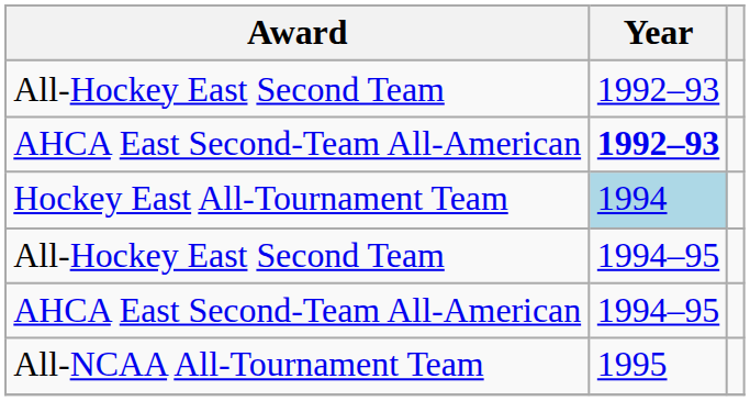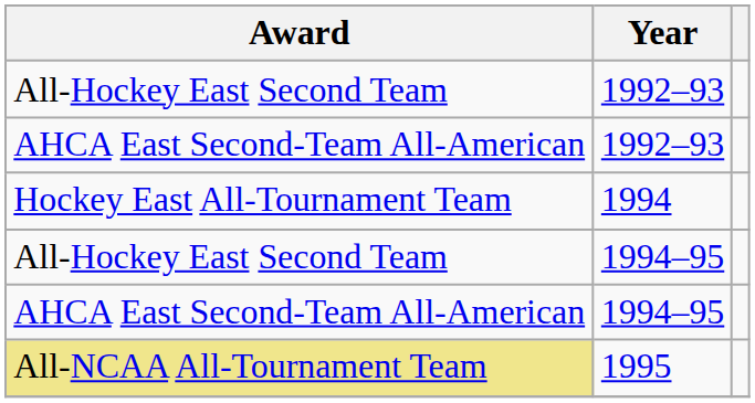 <table class="wikitable">
 <tr>
 <th>Award</th>
 <th>Year</th>
 <th></th>
 </tr>
 <tr>
 <td>All-<a href='#'>Hockey East</a> <a href='#'>Second Team</a></td>
 <td><a href='#'>1992–93</a></td>
 <td></td>
 </tr>
 <tr>
 <td><a href='#'>AHCA</a> <a href='#'>East Second-Team All-American</a></td>
-<td><strong><a href='#'>1992–93</a></strong></td>
+<td><a href='#'>1992–93</a></td>
 <td></td>
 </tr>
 <tr>
 <td><a href='#'>Hockey East</a> <a href='#'>All-Tournament Team</a></td>
-<td style="background: lightblue;"><a href='#'>1994</a></td>
+<td><a href='#'>1994</a></td>
 <td></td>
 </tr>
 <tr>
 <td>All-<a href='#'>Hockey East</a> <a href='#'>Second Team</a></td>
 <td><a href='#'>1994–95</a></td>
 <td></td>
 </tr>
 <tr>
 <td><a href='#'>AHCA</a> <a href='#'>East Second-Team All-American</a></td>
 <td><a href='#'>1994–95</a></td>
 <td></td>
 </tr>
 <tr>
-<td>All-<a href='#'>NCAA</a> <a href='#'>All-Tournament Team</a></td>
+<td style="background: khaki;">All-<a href='#'>NCAA</a> <a href='#'>All-Tournament Team</a></td>
 <td><a href='#'>1995</a></td>
 <td></td>
 </tr>
 <tr>
 </tr>
 </table>
